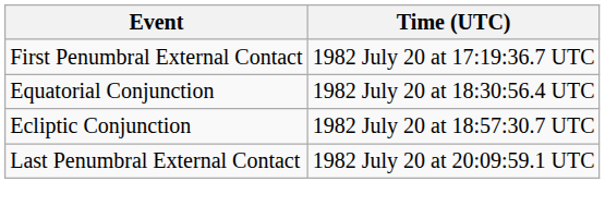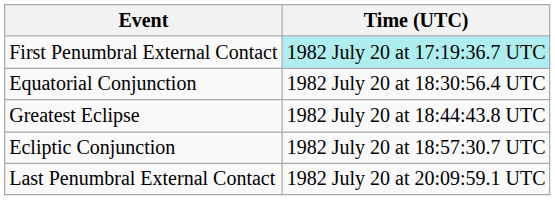 <table class="wikitable">
 <tr>
 <th>Event</th>
 <th>Time (UTC)</th>
 </tr>
 <tr>
 <td>First Penumbral External Contact</td>
-<td>1982 July 20 at 17:19:36.7 UTC</td>
+<td style="background: paleturquoise;">1982 July 20 at 17:19:36.7 UTC</td>
 </tr>
 <tr>
 <td>Equatorial Conjunction</td>
 <td>1982 July 20 at 18:30:56.4 UTC</td>
+</tr>
+<tr>
+<td>Greatest Eclipse</td>
+<td>1982 July 20 at 18:44:43.8 UTC</td>
 </tr>
 <tr>
 <td>Ecliptic Conjunction</td>
 <td>1982 July 20 at 18:57:30.7 UTC</td>
 </tr>
 <tr>
 <td>Last Penumbral External Contact</td>
 <td>1982 July 20 at 20:09:59.1 UTC</td>
 </tr>
 </table>
